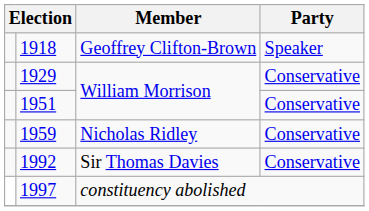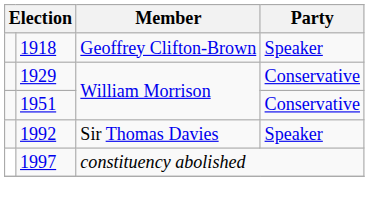 <table class="wikitable">
 <tr>
 <th colspan="2">Election</th>
 <th>Member</th>
 <th>Party</th>
 </tr>
 <tr>
 <td style="color:inherit;background-color: "></td>
 <td><a href='#'>1918</a></td>
 <td><a href='#'>Geoffrey Clifton-Brown</a></td>
 <td><a href='#'>Speaker</a></td>
 </tr>
 <tr>
 <td style="color:inherit;background-color: "></td>
 <td><a href='#'>1929</a></td>
 <td rowspan=2><a href='#'>William Morrison</a></td>
 <td><a href='#'>Conservative</a></td>
 </tr>
 <tr>
 <td style="color:inherit;background-color: "></td>
 <td><a href='#'>1951</a></td>
 <td><a href='#'>Conservative</a></td>
 </tr>
 <tr>
 <td style="color:inherit;background-color: "></td>
-<td><a href='#'>1959</a></td>
-<td><a href='#'>Nicholas Ridley</a></td>
-<td><a href='#'>Conservative</a></td>
-</tr>
-<tr>
-<td style="color:inherit;background-color: "></td>
 <td><a href='#'>1992</a></td>
 <td>Sir <a href='#'>Thomas Davies</a></td>
-<td><a href='#'>Conservative</a></td>
+<td><a href='#'>Speaker</a></td>
 </tr>
 <tr>
 <td style="color:inherit;background-color: white"></td>
 <td><a href='#'>1997</a></td>
 <td colspan="2"><em>constituency abolished</em></td>
 </tr>
 <tr>
 </tr>
 </table>
